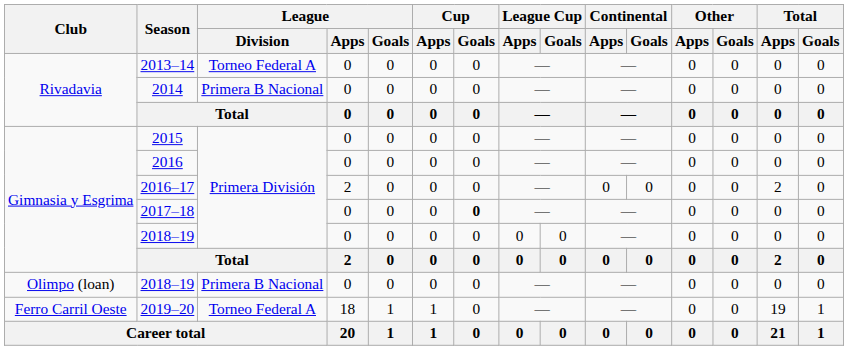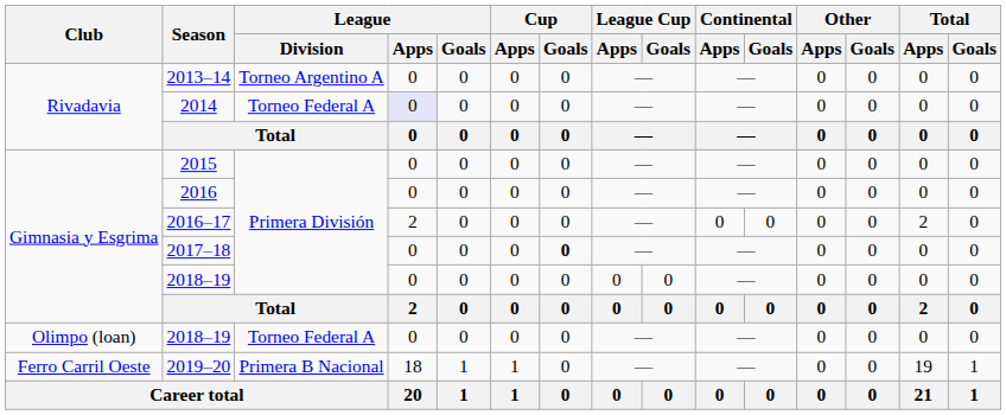 <table class="wikitable" style="text-align:center">
 <tr>
 <th rowspan="2">Club</th>
 <th rowspan="2">Season</th>
 <th colspan="3">League</th>
 <th colspan="2">Cup</th>
 <th colspan="2">League Cup</th>
 <th colspan="2">Continental</th>
 <th colspan="2">Other</th>
 <th colspan="2">Total</th>
 </tr>
 <tr>
 <th>Division</th>
 <th>Apps</th>
 <th>Goals</th>
 <th>Apps</th>
 <th>Goals</th>
 <th>Apps</th>
 <th>Goals</th>
 <th>Apps</th>
 <th>Goals</th>
 <th>Apps</th>
 <th>Goals</th>
 <th>Apps</th>
 <th>Goals</th>
 </tr>
 <tr>
 <td rowspan="3"><a href='#'>Rivadavia</a></td>
 <td><a href='#'>2013–14</a></td>
-<td rowspan="1"><a href='#'>Torneo Federal A</a></td>
+<td rowspan="1"><a href='#'>Torneo Argentino A</a></td>
 <td>0</td>
 <td>0</td>
 <td>0</td>
 <td>0</td>
 <td colspan="2">—</td>
 <td colspan="2">—</td>
 <td>0</td>
 <td>0</td>
 <td>0</td>
 <td>0</td>
 </tr>
 <tr>
 <td><a href='#'>2014</a></td>
-<td rowspan="1"><a href='#'>Primera B Nacional</a></td>
-<td>0</td>
+<td rowspan="1"><a href='#'>Torneo Federal A</a></td>
+<td style="background: lavender;">0</td>
 <td>0</td>
 <td>0</td>
 <td>0</td>
 <td colspan="2">—</td>
 <td colspan="2">—</td>
 <td>0</td>
 <td>0</td>
 <td>0</td>
 <td>0</td>
 </tr>
 <tr>
 <th colspan="2">Total</th>
 <th>0</th>
 <th>0</th>
 <th>0</th>
 <th>0</th>
 <th colspan="2">—</th>
 <th colspan="2">—</th>
 <th>0</th>
 <th>0</th>
 <th>0</th>
 <th>0</th>
 </tr>
 <tr>
 <td rowspan="6"><a href='#'>Gimnasia y Esgrima</a></td>
 <td><a href='#'>2015</a></td>
 <td rowspan="5"><a href='#'>Primera División</a></td>
 <td>0</td>
 <td>0</td>
 <td>0</td>
 <td>0</td>
 <td colspan="2">—</td>
 <td colspan="2">—</td>
 <td>0</td>
 <td>0</td>
 <td>0</td>
 <td>0</td>
 </tr>
 <tr>
 <td><a href='#'>2016</a></td>
 <td>0</td>
 <td>0</td>
 <td>0</td>
 <td>0</td>
 <td colspan="2">—</td>
 <td colspan="2">—</td>
 <td>0</td>
 <td>0</td>
 <td>0</td>
 <td>0</td>
 </tr>
 <tr>
 <td><a href='#'>2016–17</a></td>
 <td>2</td>
 <td>0</td>
 <td>0</td>
 <td>0</td>
 <td colspan="2">—</td>
 <td>0</td>
 <td>0</td>
 <td>0</td>
 <td>0</td>
 <td>2</td>
 <td>0</td>
 </tr>
 <tr>
 <td><a href='#'>2017–18</a></td>
 <td>0</td>
 <td>0</td>
 <td>0</td>
 <td><strong>0</strong></td>
 <td colspan="2">—</td>
 <td colspan="2">—</td>
 <td>0</td>
 <td>0</td>
 <td>0</td>
 <td>0</td>
 </tr>
 <tr>
 <td><a href='#'>2018–19</a></td>
 <td>0</td>
 <td>0</td>
 <td>0</td>
 <td>0</td>
 <td>0</td>
 <td>0</td>
 <td colspan="2">—</td>
 <td>0</td>
 <td>0</td>
 <td>0</td>
 <td>0</td>
 </tr>
 <tr>
 <th colspan="2">Total</th>
 <th>2</th>
 <th>0</th>
 <th>0</th>
 <th>0</th>
 <th>0</th>
 <th>0</th>
 <th>0</th>
 <th>0</th>
 <th>0</th>
 <th>0</th>
 <th>2</th>
 <th>0</th>
 </tr>
 <tr>
 <td rowspan="1"><a href='#'>Olimpo</a> (loan)</td>
 <td><a href='#'>2018–19</a></td>
-<td rowspan="1"><a href='#'>Primera B Nacional</a></td>
+<td rowspan="1"><a href='#'>Torneo Federal A</a></td>
 <td>0</td>
 <td>0</td>
 <td>0</td>
 <td>0</td>
 <td colspan="2">—</td>
 <td colspan="2">—</td>
 <td>0</td>
 <td>0</td>
 <td>0</td>
 <td>0</td>
 </tr>
 <tr>
 <td rowspan="1"><a href='#'>Ferro Carril Oeste</a></td>
 <td><a href='#'>2019–20</a></td>
-<td rowspan="1"><a href='#'>Torneo Federal A</a></td>
+<td rowspan="1"><a href='#'>Primera B Nacional</a></td>
 <td>18</td>
 <td>1</td>
 <td>1</td>
 <td>0</td>
 <td colspan="2">—</td>
 <td colspan="2">—</td>
 <td>0</td>
 <td>0</td>
 <td>19</td>
 <td>1</td>
 </tr>
 <tr>
 <th colspan="3">Career total</th>
 <th>20</th>
 <th>1</th>
 <th>1</th>
 <th>0</th>
 <th>0</th>
 <th>0</th>
 <th>0</th>
 <th>0</th>
 <th>0</th>
 <th>0</th>
 <th>21</th>
 <th>1</th>
 </tr>
 </table>
